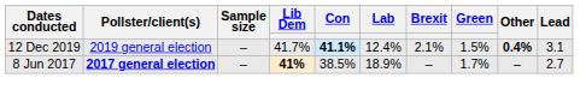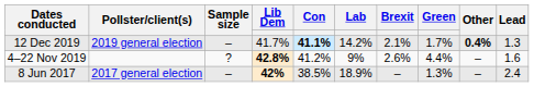 <table class="wikitable sortable mw-datatable" style="text-align:center;line-height:14px;">
 <tr>
 <th rowspan="2">Dates<br>conducted</th>
 <th rowspan="2">Pollster/client(s)</th>
 <th rowspan="2" data-sort-type="number">Sample<br>size</th>
 <th class="unsortable" style="width:50px;"><a href='#'>Lib Dem</a></th>
 <th class="unsortable" style="width:50px;"><a href='#'>Con</a></th>
 <th class="unsortable" style="width:50px;"><a href='#'>Lab</a></th>
 <th class="unsortable" style="width:50px;"><a href='#'>Brexit</a></th>
 <th class="unsortable" style="width:50px;"><a href='#'>Green</a></th>
 <th rowspan="2" class="unsortable">Other</th>
 <th rowspan="2" data-sort-type="number">Lead</th>
 </tr>
 <tr>
 <th data-sort-type="number" style="background:"></th>
 <th data-sort-type="number" style="background:"></th>
 <th data-sort-type="number" style="background:"></th>
 <th data-sort-type="number" style="background:"></th>
 <th data-sort-type="number" style="background:"></th>
 </tr>
 <tr style="background:#E9E9E9;">
 <td data-sort-value="2017-06-08">12 Dec 2019</td>
 <td><a href='#'>2019 general election</a></td>
 <td>–</td>
 <td>41.7%</td>
 <td style="background:#CCEBFF;"><strong>41.1%</strong></td>
-<td>12.4%</td>
+<td>14.2%</td>
 <td>2.1%</td>
-<td>1.5%</td>
+<td>1.7%</td>
 <td><strong>0.4%</strong></td>
-<td style="background:">3.1</td>
+<td style="background:">1.3</td>
+</tr>
+<tr>
+<td data-sort-value="2019-10-2">4–22 Nov 2019</td>
+<td></td>
+<td>?</td>
+<td style="background:#FEECCD;"><strong>42.8%</strong></td>
+<td>41.2%</td>
+<td>9%</td>
+<td>2.6%</td>
+<td>4.4%</td>
+<td>–</td>
+<td style="background:">1.6</td>
 </tr>
 <tr style="background:#E9E9E9;">
 <td data-sort-value="2017-06-08">8 Jun 2017</td>
-<td><strong><a href='#'>2017 general election</a></strong></td>
+<td><a href='#'>2017 general election</a></td>
 <td>–</td>
-<td style="background:#FEECCD;"><strong>41%</strong></td>
+<td style="background:#FEECCD;"><strong>42%</strong></td>
 <td>38.5%</td>
 <td>18.9%</td>
 <td>–</td>
-<td>1.7%</td>
+<td>1.3%</td>
 <td>–</td>
-<td style="background:">2.7</td>
+<td style="background:">2.4</td>
 </tr>
 </table>
